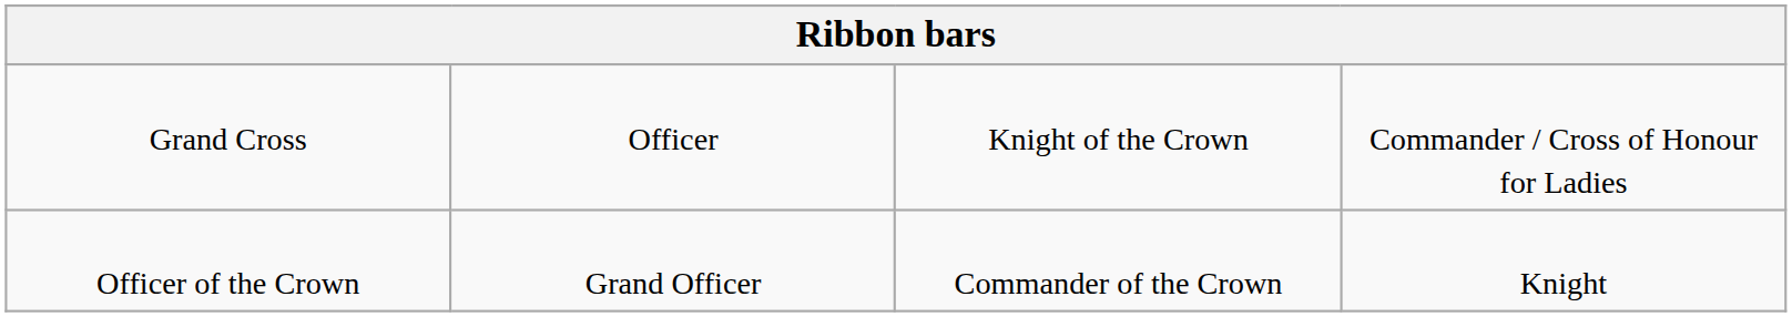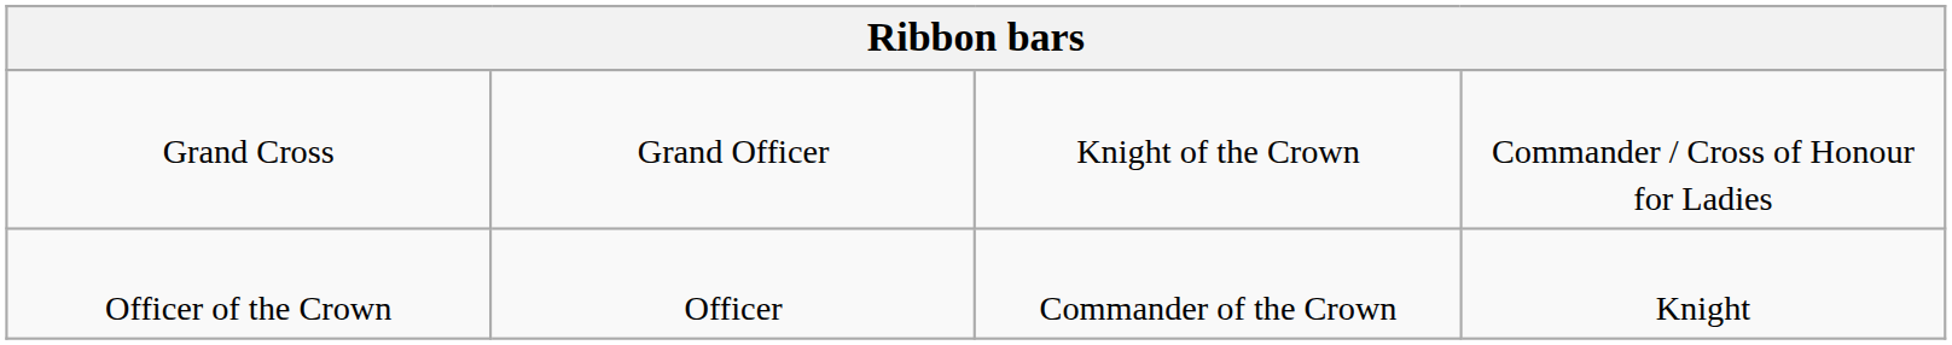 <table align=center class=wikitable width=60% style="margin:1em auto;">
 <tr>
 <th colspan=4>Ribbon bars</th>
 </tr>
 <tr>
 <td width=25% valign=top align=center> <br><small>Grand Cross</small></td>
-<td valign=top align=center>  <br><small>Officer</small></td>
+<td width=25% valign=top align=center> <br><small>Grand Officer</small></td>
 <td valign=top align=center> <br><small>Knight of the Crown</small></td>
 <td width=25% valign=top align=center> <br><small>Commander / Cross of Honour for Ladies</small></td>
 </tr>
 <tr>
 <td valign=top align=center> <br><small>Officer of the Crown</small></td>
-<td width=25% valign=top align=center> <br><small>Grand Officer</small></td>
+<td valign=top align=center>  <br><small>Officer</small></td>
 <td width=25% valign=top align=center> <br><small>Commander of the Crown</small></td>
 <td valign=top align=center> <br><small>Knight</small></td>
 </tr>
 </table>
